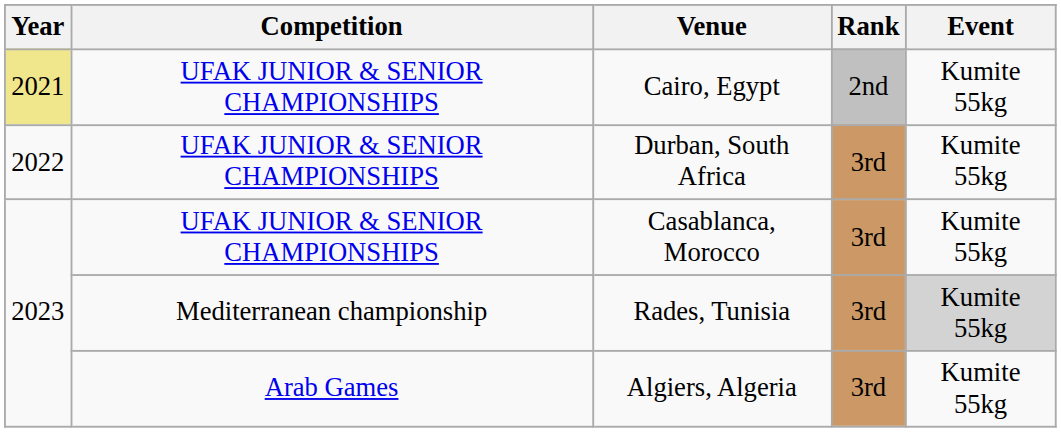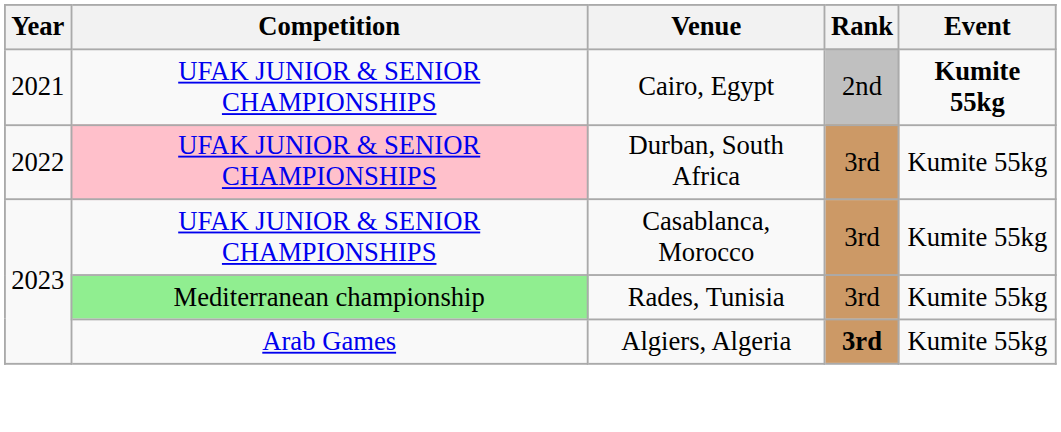 <table class="wikitable sortable" width=45% style="font-size:90%; text-align:center;">
 <tr>
 <th>Year</th>
 <th>Competition</th>
 <th>Venue</th>
 <th>Rank</th>
 <th>Event</th>
 </tr>
 <tr>
-<td style="background: khaki;">2021</td>
+<td>2021</td>
 <td><a href='#'>UFAK JUNIOR & SENIOR CHAMPIONSHIPS</a></td>
 <td>Cairo, Egypt</td>
 <td bgcolor="silver">2nd</td>
-<td>Kumite 55kg</td>
+<td><strong>Kumite 55kg</strong></td>
 </tr>
 <tr>
 <td>2022</td>
-<td><a href='#'>UFAK JUNIOR & SENIOR CHAMPIONSHIPS</a></td>
+<td style="background: pink;"><a href='#'>UFAK JUNIOR & SENIOR CHAMPIONSHIPS</a></td>
 <td>Durban, South Africa</td>
 <td bgcolor=" cc9966">3rd</td>
 <td>Kumite 55kg</td>
 </tr>
 <tr>
 <td rowspan=3>2023</td>
 <td><a href='#'>UFAK JUNIOR & SENIOR CHAMPIONSHIPS</a></td>
 <td>Casablanca, Morocco</td>
 <td bgcolor=" cc9966">3rd</td>
 <td>Kumite 55kg</td>
 </tr>
 <tr>
-<td>Mediterranean championship</td>
+<td style="background: lightgreen;">Mediterranean championship</td>
 <td>Rades, Tunisia</td>
 <td bgcolor="cc9966">3rd</td>
-<td style="background: lightgrey;">Kumite 55kg</td>
+<td>Kumite 55kg</td>
 </tr>
 <tr>
 <td><a href='#'>Arab Games</a></td>
 <td>Algiers, Algeria</td>
-<td bgcolor="cc9966">3rd</td>
+<td bgcolor="cc9966"><strong>3rd</strong></td>
 <td>Kumite 55kg</td>
 </tr>
 </table>
